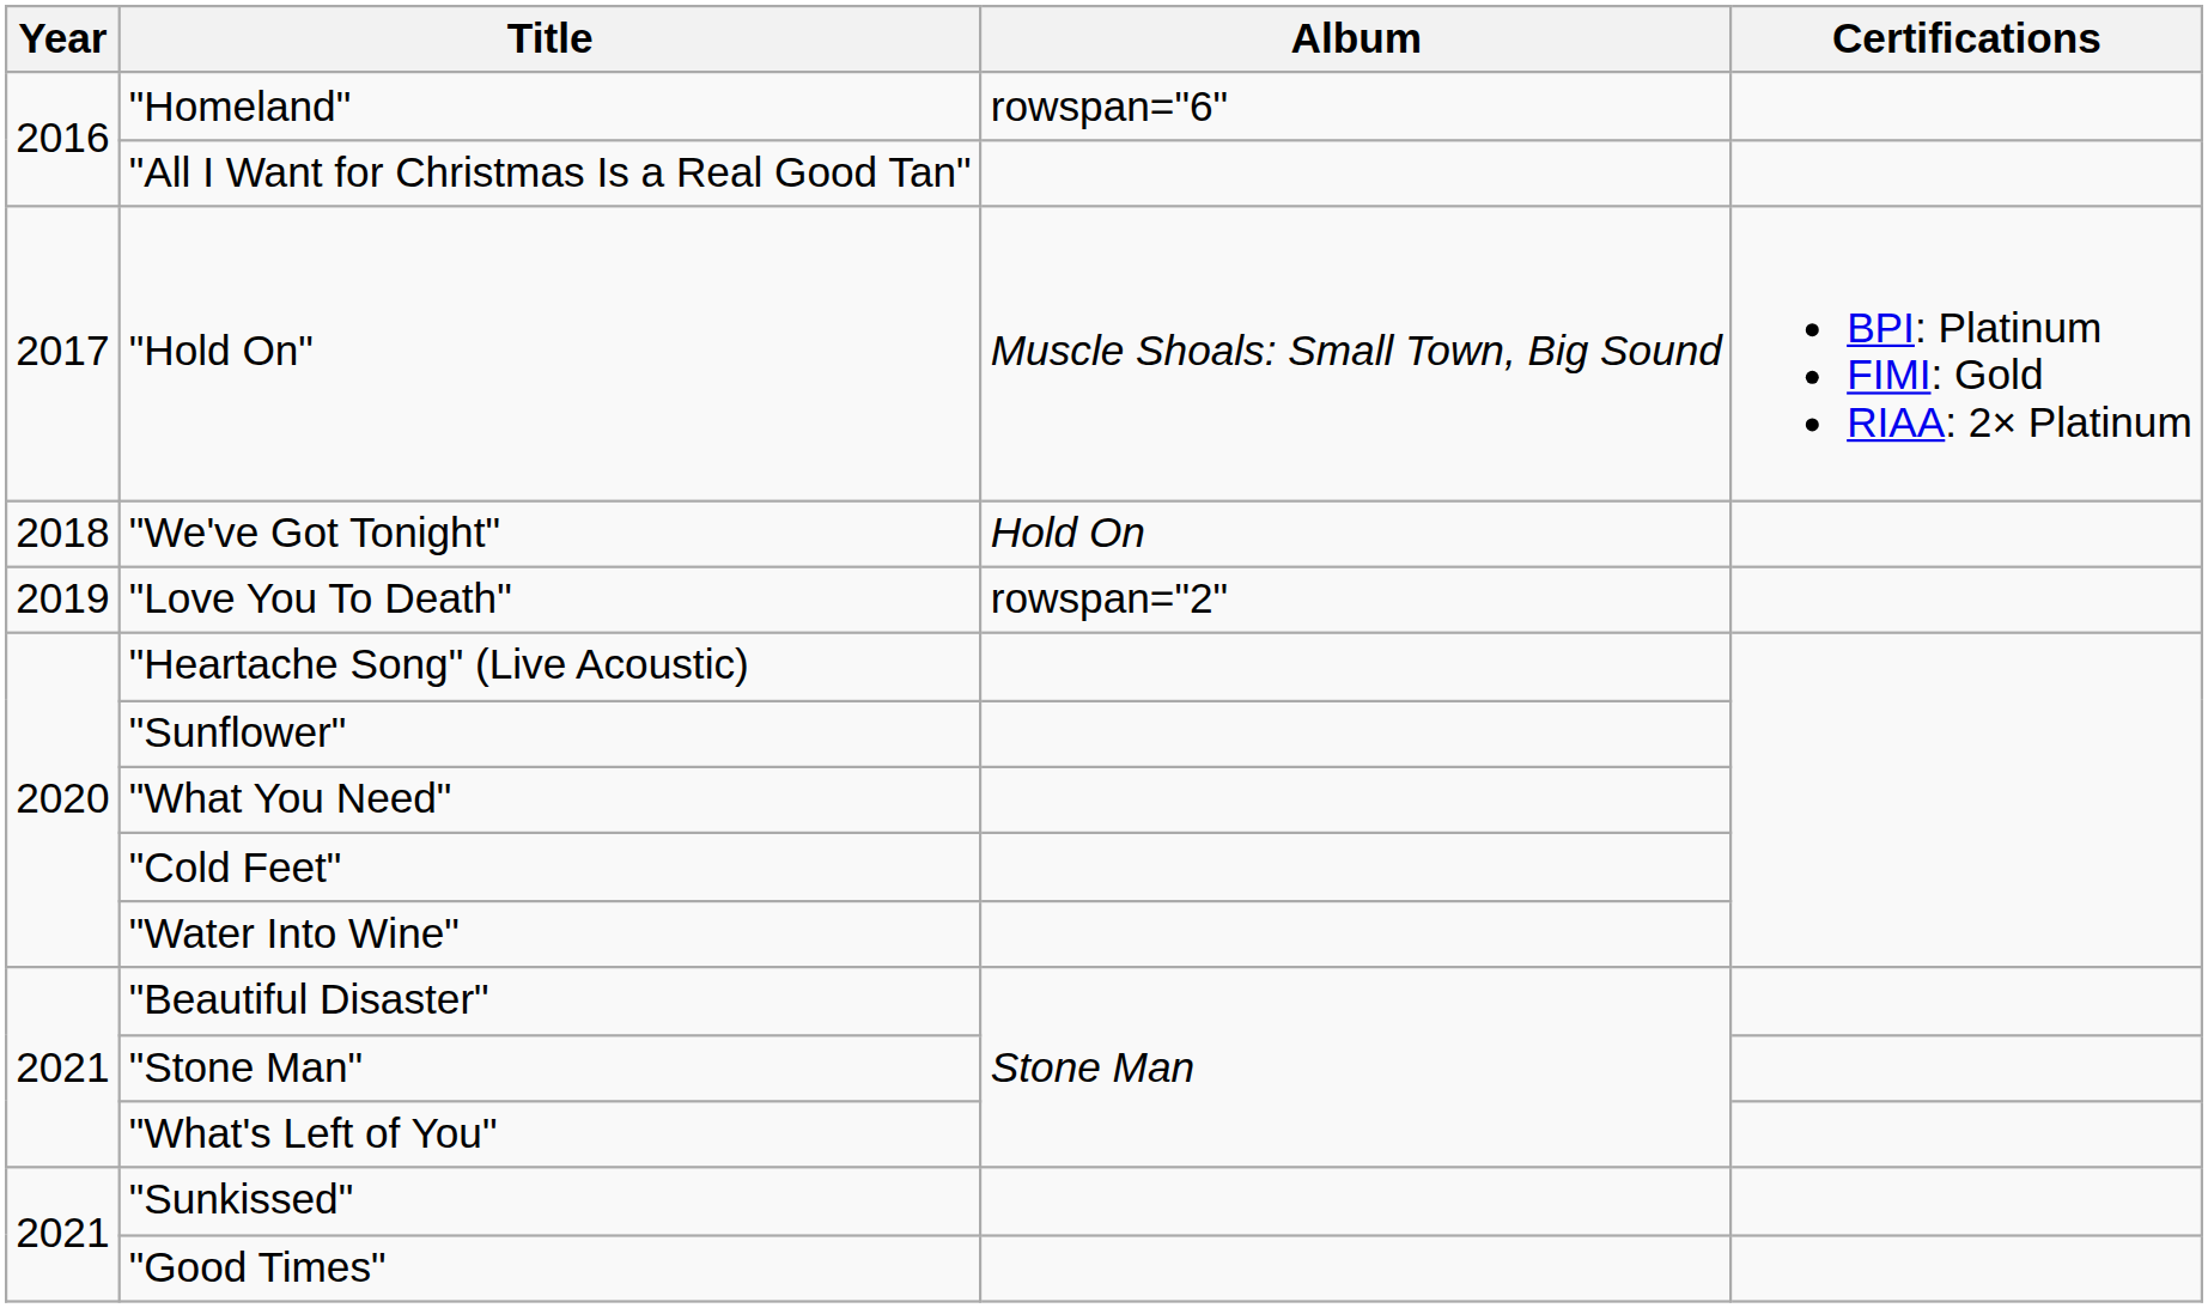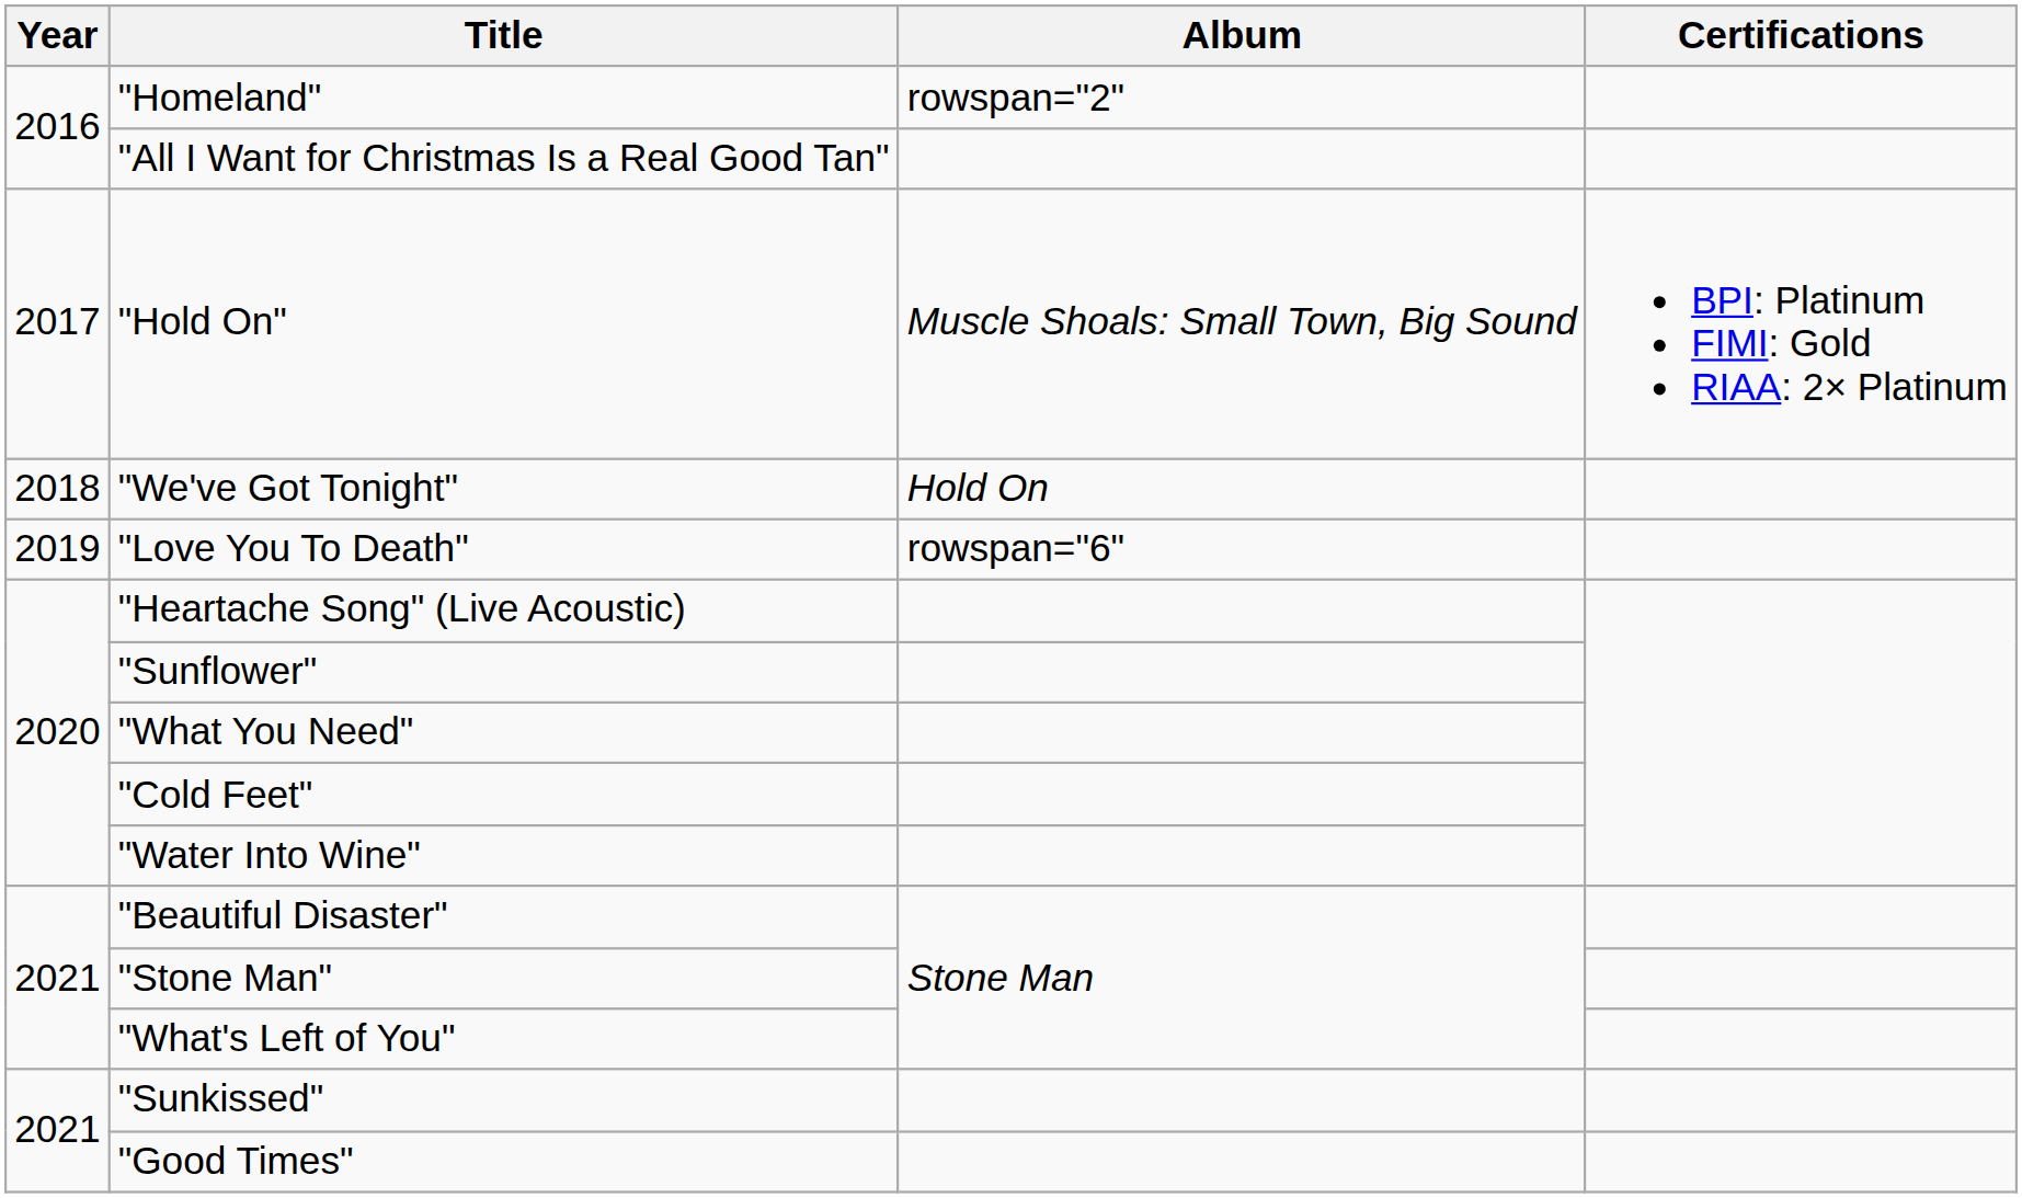 <table class="wikitable">
 <tr>
 <th>Year</th>
 <th>Title</th>
 <th>Album</th>
 <th>Certifications</th>
 </tr>
 <tr>
 <td rowspan="2">2016</td>
 <td>"Homeland"</td>
-<td>rowspan="6" </td>
+<td>rowspan="2" </td>
 <td></td>
 </tr>
 <tr>
 <td>"All I Want for Christmas Is a Real Good Tan"</td>
 <td></td>
 </tr>
 <tr>
 <td>2017</td>
 <td>"Hold On"</td>
 <td><em>Muscle Shoals: Small Town, Big Sound</em></td>
 <td><br><ul><li><a href='#'>BPI</a>: Platinum</li><li><a href='#'>FIMI</a>: Gold</li><li><a href='#'>RIAA</a>: 2× Platinum</li></ul></td>
 </tr>
 <tr>
 <td>2018</td>
 <td>"We've Got Tonight"</td>
 <td><em>Hold On</em></td>
 <td></td>
 </tr>
 <tr>
 <td>2019</td>
 <td>"Love You To Death"</td>
-<td>rowspan="2" </td>
+<td>rowspan="6" </td>
 <td></td>
 </tr>
 <tr>
 <td rowspan="5">2020</td>
 <td>"Heartache Song" (Live Acoustic)</td>
 <td></td>
 </tr>
 <tr>
 <td>"Sunflower"</td>
 <td></td>
 </tr>
 <tr>
 <td>"What You Need"</td>
 <td></td>
 </tr>
 <tr>
 <td>"Cold Feet"</td>
 <td></td>
 </tr>
 <tr>
 <td>"Water Into Wine"</td>
 <td></td>
 </tr>
 <tr>
 <td rowspan="3">2021</td>
 <td>"Beautiful Disaster"</td>
 <td rowspan="3"><em>Stone Man</em></td>
 <td></td>
 </tr>
 <tr>
 <td>"Stone Man"</td>
 <td></td>
 </tr>
 <tr>
 <td>"What's Left of You"</td>
 <td></td>
 </tr>
 <tr>
 <td rowspan="3">2021</td>
 <td>"Sunkissed"</td>
 <td></td>
 <td></td>
 </tr>
 <tr>
 <td>"Good Times"</td>
 <td></td>
 <td></td>
 </tr>
 </table>
